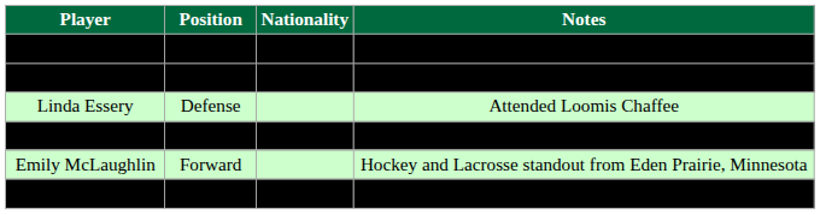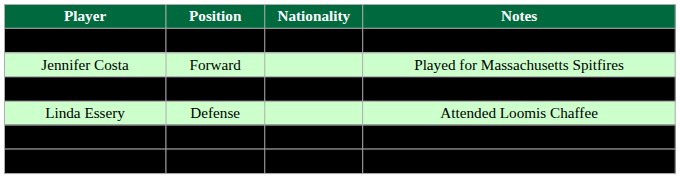 <table class="wikitable" width="80%">
 <tr style="text-align:center; background:#00693e; color:white;">
 <td><strong>Player</strong></td>
 <td><strong>Position</strong></td>
 <td><strong>Nationality</strong></td>
 <td><strong>Notes</strong></td>
 </tr>
 <tr align="center" bgcolor=" ">
 <td>Megan Cornell</td>
 <td>Defense</td>
 <td></td>
 <td>Blueliner for Durham West Jr. Lightning</td>
+</tr>
+<tr align="center" bgcolor="#ccffcc">
+<td>Jennifer Costa</td>
+<td>Forward</td>
+<td></td>
+<td>Played for Massachusetts Spitfires</td>
 </tr>
 <tr align="center" bgcolor=" ">
 <td>Katerina Dajia</td>
 <td><strong>Defense</strong></td>
 <td></td>
 <td>Attended Benilde-St. Margaret's</td>
 </tr>
 <tr align="center" bgcolor="#ccffcc">
 <td>Linda Essery</td>
 <td>Defense</td>
 <td></td>
 <td>Attended Loomis Chaffee</td>
 </tr>
 <tr align="center" bgcolor=" ">
 <td>Taylor Matherson</td>
 <td>Defense</td>
 <td></td>
 <td>Teammate of Jennifer Costa</td>
 </tr>
-<tr align="center" bgcolor="#ccffcc">
-<td>Emily McLaughlin</td>
-<td>Forward</td>
-<td></td>
-<td>Hockey and Lacrosse standout from Eden Prairie, Minnesota</td>
-</tr>
 <tr align="center" bgcolor=" ">
 <td>Kayla Wormsbecher</td>
-<td>Goaltender</td>
+<td><strong>Goaltender</strong></td>
 <td></td>
 <td>Minded the net for the Toronto J. Aeros</td>
 </tr>
 <tr align="center" bgcolor=" ">
 </tr>
 </table>
